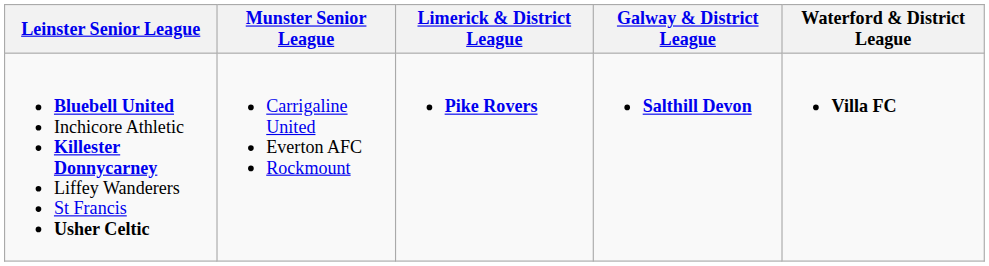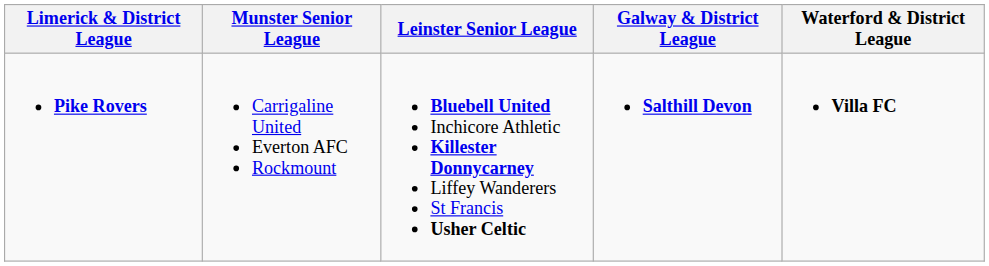 <table class="wikitable">
 <tr>
+<th><a href='#'>Limerick & District League</a></th>
+<th><a href='#'>Munster Senior League</a></th>
 <th><a href='#'>Leinster Senior League</a></th>
-<th><a href='#'>Munster Senior League</a></th>
-<th><a href='#'>Limerick & District League</a></th>
 <th><a href='#'>Galway & District League</a></th>
 <th>Waterford & District League</th>
 </tr>
 <tr>
+<td valign="top"><br><ul><li><a href='#'><strong>Pike Rovers</strong></a></li></ul></td>
+<td valign="top"><br><ul><li><a href='#'>Carrigaline United</a></li><li>Everton AFC</li><li><a href='#'>Rockmount</a></li></ul></td>
 <td valign="top"><br><ul><li><a href='#'><strong>Bluebell United</strong></a></li><li>Inchicore Athletic</li><li><strong><a href='#'>Killester Donnycarney</a></strong></li><li>Liffey Wanderers</li><li><a href='#'>St Francis</a></li><li><strong>Usher Celtic</strong></li></ul></td>
-<td valign="top"><br><ul><li><a href='#'>Carrigaline United</a></li><li>Everton AFC</li><li><a href='#'>Rockmount</a></li></ul></td>
-<td valign="top"><br><ul><li><a href='#'><strong>Pike Rovers</strong></a></li></ul></td>
 <td valign="top"><br><ul><li><a href='#'><strong>Salthill Devon</strong></a></li></ul></td>
 <td valign="top"><br><ul><li><strong>Villa FC</strong></li></ul></td>
 </tr>
 </table>
